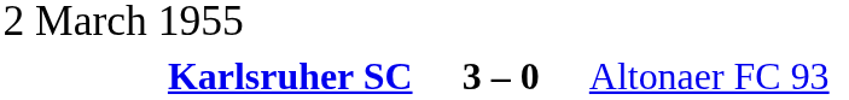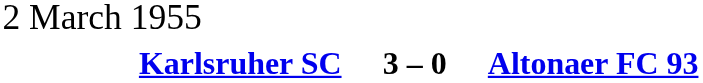 <table width=100% cellspacing=1>
 <tr>
 <th width=25%></th>
 <th width=10%></th>
 <th width=25%></th>
 <th></th>
 </tr>
 <tr>
 <td>2 March 1955</td>
 </tr>
 <tr style=font-size:90%>
 <td align=right><strong><a href='#'>Karlsruher SC</a></strong></td>
 <td align=center><strong>3 – 0</strong></td>
-<td><a href='#'>Altonaer FC 93</a></td>
+<td><strong><a href='#'>Altonaer FC 93</a></strong></td>
 </tr>
 </table>
